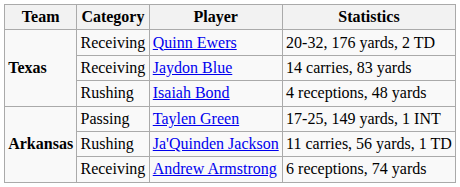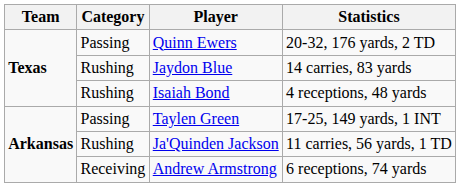 <table class="wikitable" style="float: right;">
 <tr>
 <th>Team</th>
 <th>Category</th>
 <th>Player</th>
 <th>Statistics</th>
 </tr>
 <tr>
 <td rowspan=3><strong>Texas</strong></td>
-<td>Receiving</td>
+<td>Passing</td>
 <td><a href='#'>Quinn Ewers</a></td>
 <td>20-32, 176 yards, 2 TD</td>
 </tr>
 <tr>
-<td>Receiving</td>
+<td>Rushing</td>
 <td><a href='#'>Jaydon Blue</a></td>
 <td>14 carries, 83 yards</td>
 </tr>
 <tr>
 <td>Rushing</td>
 <td><a href='#'>Isaiah Bond</a></td>
 <td>4 receptions, 48 yards</td>
 </tr>
 <tr>
 <td rowspan=3><strong>Arkansas</strong></td>
 <td>Passing</td>
 <td><a href='#'>Taylen Green</a></td>
 <td>17-25, 149 yards, 1 INT</td>
 </tr>
 <tr>
 <td>Rushing</td>
 <td><a href='#'>Ja'Quinden Jackson</a></td>
 <td>11 carries, 56 yards, 1 TD</td>
 </tr>
 <tr>
 <td>Receiving</td>
 <td><a href='#'>Andrew Armstrong</a></td>
 <td>6 receptions, 74 yards</td>
 </tr>
 </table>
